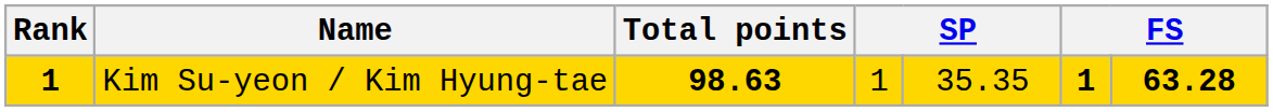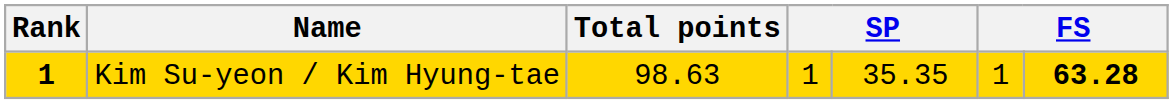 <table class="wikitable sortable">
 <tr>
 <th>Rank</th>
 <th>Name</th>
 <th>Total points</th>
 <th colspan="2" width="80px"><a href='#'>SP</a></th>
 <th colspan="2" width="80px"><a href='#'>FS</a></th>
 </tr>
 <tr bgcolor="gold">
 <td align="center"><strong>1</strong></td>
 <td>Kim Su-yeon / Kim Hyung-tae</td>
-<td align="center"><strong>98.63</strong></td>
+<td align="center">98.63</td>
 <td align="center">1</td>
 <td align="center">35.35</td>
-<td align="center"><strong>1</strong></td>
+<td align="center">1</td>
 <td align="center"><strong>63.28</strong></td>
 </tr>
 </table>
